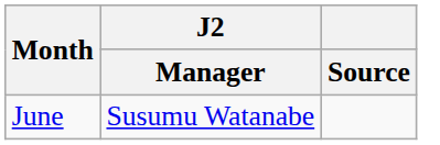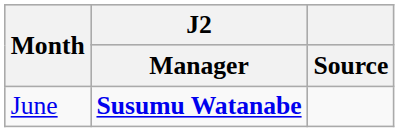 <table class="wikitable">
 <tr>
 <th rowspan="2">Month</th>
 <th>J2</th>
 <th></th>
 </tr>
 <tr>
 <th>Manager</th>
 <th>Source</th>
 </tr>
 <tr>
 <td><a href='#'>June</a></td>
-<td> <a href='#'>Susumu Watanabe</a></td>
+<td><strong> <a href='#'>Susumu Watanabe</a></strong></td>
 <td></td>
 </tr>
 </table>
